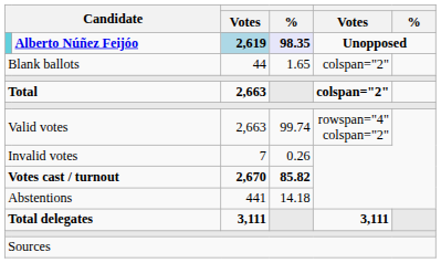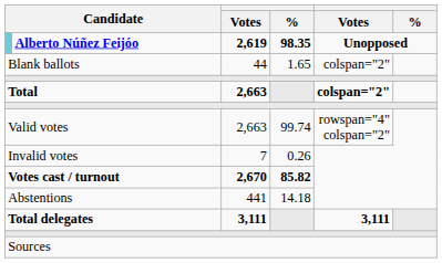 <table class="wikitable" style="text-align:right;">
 <tr>
 <th rowspan="2" colspan="2" width="250">Candidate</th>
 <th colspan="2"></th>
 <th colspan="2"></th>
 </tr>
 <tr>
 <th width="50">Votes</th>
 <th width="45">%</th>
 <th width="50">Votes</th>
 <th width="45">%</th>
 </tr>
 <tr>
 <td width="1" style="color:inherit;background:#62D0DD"></td>
 <td align="left"><strong><a href='#'>Alberto Núñez Feijóo</a></strong></td>
-<td style="background: lightblue;"><strong>2,619</strong></td>
-<td style="background: lavender;"><strong>98.35</strong></td>
+<td><strong>2,619</strong></td>
+<td><strong>98.35</strong></td>
 <td colspan="2" align="center"><strong>Unopposed</strong></td>
 </tr>
 <tr>
 <td align="left" colspan="2">Blank ballots</td>
 <td>44</td>
 <td>1.65</td>
 <td>colspan="2" </td>
 </tr>
 <tr>
 <td colspan="6" bgcolor="#E9E9E9"></td>
 </tr>
 <tr style="font-weight:bold;">
 <td align="left" colspan="2">Total</td>
 <td>2,663</td>
 <td bgcolor="#E9E9E9"></td>
 <td>colspan="2" </td>
 </tr>
 <tr>
 <td colspan="6" bgcolor="#E9E9E9"></td>
 </tr>
 <tr>
 <td align="left" colspan="2">Valid votes</td>
 <td>2,663</td>
 <td>99.74</td>
 <td>rowspan="4" colspan="2" </td>
 </tr>
 <tr>
 <td align="left" colspan="2">Invalid votes</td>
 <td>7</td>
 <td>0.26</td>
 </tr>
 <tr style="font-weight:bold;">
 <td align="left" colspan="2">Votes cast / turnout</td>
 <td>2,670</td>
 <td>85.82</td>
 </tr>
 <tr>
 <td align="left" colspan="2">Abstentions</td>
 <td>441</td>
 <td>14.18</td>
 </tr>
 <tr style="font-weight:bold;">
 <td align="left" colspan="2">Total delegates</td>
 <td>3,111</td>
 <td bgcolor="#E9E9E9"></td>
 <td>3,111</td>
 <td bgcolor="#E9E9E9"></td>
 </tr>
 <tr>
 <td colspan="6" bgcolor="#E9E9E9"></td>
 </tr>
 <tr>
 <td align="left" colspan="6">Sources</td>
 </tr>
 </table>
